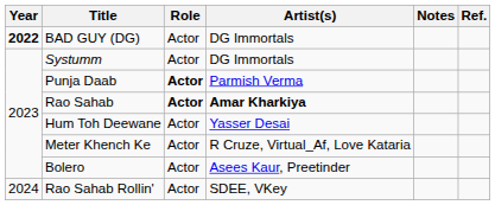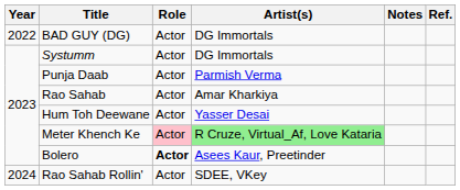 <table class="wikitable sortable">
 <tr>
 <th>Year</th>
 <th>Title</th>
 <th>Role</th>
 <th>Artist(s)</th>
 <th>Notes</th>
 <th>Ref.</th>
 </tr>
 <tr>
-<td><strong>2022</strong></td>
+<td>2022</td>
 <td>BAD GUY (DG)</td>
 <td>Actor</td>
 <td>DG Immortals</td>
 <td></td>
 <td></td>
 </tr>
 <tr>
 <td rowspan="6">2023</td>
 <td><em>Systumm</em></td>
 <td>Actor</td>
 <td>DG Immortals</td>
 <td></td>
 <td></td>
 </tr>
 <tr>
 <td>Punja Daab</td>
-<td><strong>Actor</strong></td>
+<td>Actor</td>
 <td><a href='#'>Parmish Verma</a></td>
 <td></td>
 <td></td>
 </tr>
 <tr>
 <td>Rao Sahab</td>
-<td><strong>Actor</strong></td>
-<td><strong>Amar Kharkiya</strong></td>
+<td>Actor</td>
+<td>Amar Kharkiya</td>
 <td></td>
 <td></td>
 </tr>
 <tr>
 <td>Hum Toh Deewane</td>
 <td>Actor</td>
 <td><a href='#'>Yasser Desai</a></td>
 <td></td>
 <td></td>
 </tr>
 <tr>
 <td>Meter Khench Ke</td>
-<td>Actor</td>
-<td>R Cruze, Virtual_Af, Love Kataria</td>
+<td style="background: pink;">Actor</td>
+<td style="background: lightgreen;">R Cruze, Virtual_Af, Love Kataria</td>
 <td></td>
 <td></td>
 </tr>
 <tr>
 <td>Bolero</td>
-<td>Actor</td>
+<td><strong>Actor</strong></td>
 <td><a href='#'>Asees Kaur</a>, Preetinder</td>
 <td></td>
 <td></td>
 </tr>
 <tr>
 <td>2024</td>
 <td>Rao Sahab Rollin'</td>
 <td>Actor</td>
 <td>SDEE, VKey</td>
 <td></td>
 <td></td>
 </tr>
 </table>
